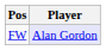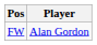 <table class=wikitable>
 <tr>
 <th>Pos</th>
 <th>Player</th>
 </tr>
 <tr>
 <td align="center"><a href='#'>FW</a></td>
-<td style="background: lavender;"> <a href='#'>Alan Gordon</a></td>
+<td> <a href='#'>Alan Gordon</a></td>
 </tr>
 </table>
